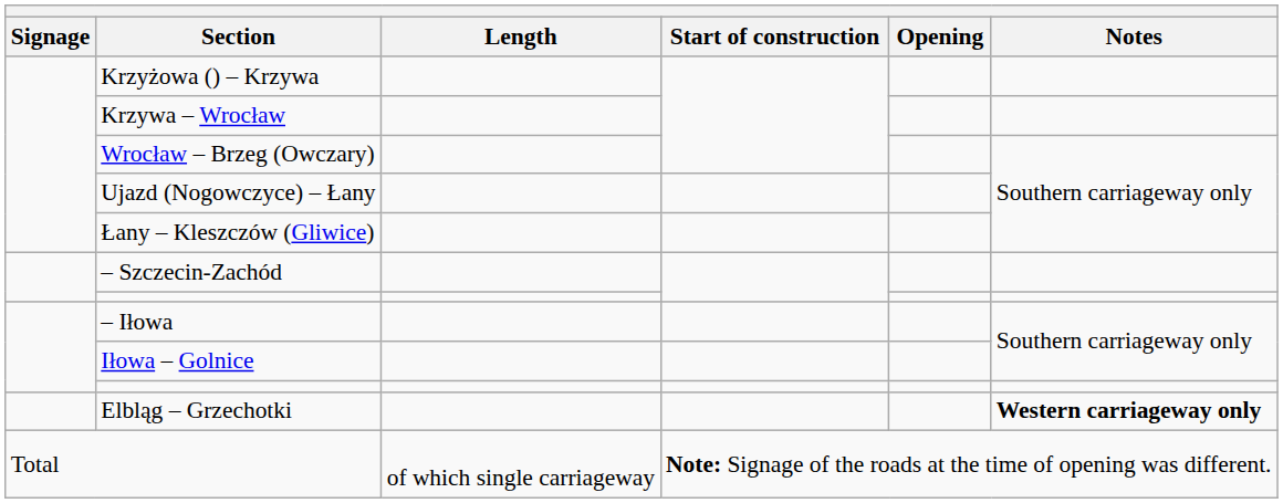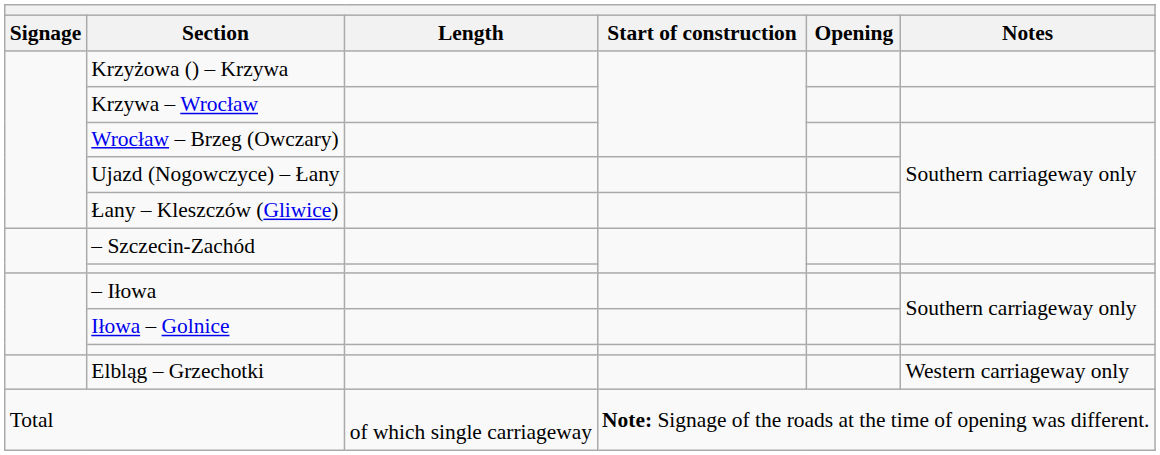 <table class="wikitable mw-collapsible mw-collapsed" style="font-size: 90%;">
 <tr>
 <th colspan="6" style="font-size: 110%"></th>
 </tr>
 <tr>
 <th>Signage</th>
 <th>Section</th>
 <th>Length</th>
 <th>Start of construction</th>
 <th>Opening</th>
 <th>Notes</th>
 </tr>
 <tr>
 <td rowspan="5"></td>
 <td>Krzyżowa () – Krzywa</td>
 <td></td>
 <td rowspan="3"></td>
 <td></td>
 <td></td>
 </tr>
 <tr>
 <td>Krzywa – <a href='#'>Wrocław</a></td>
 <td></td>
 <td></td>
 <td></td>
 </tr>
 <tr>
 <td><a href='#'>Wrocław</a> – Brzeg (Owczary)</td>
 <td></td>
 <td></td>
 <td rowspan="3">Southern carriageway only</td>
 </tr>
 <tr>
 <td>Ujazd (Nogowczyce) – Łany</td>
 <td></td>
 <td></td>
 <td></td>
 </tr>
 <tr>
 <td>Łany – Kleszczów (<a href='#'>Gliwice</a>)</td>
 <td></td>
 <td></td>
 <td></td>
 </tr>
 <tr>
 <td rowspan="2"></td>
 <td> – Szczecin-Zachód</td>
 <td></td>
 <td rowspan="2"></td>
 <td></td>
 <td></td>
 </tr>
 <tr>
 <td></td>
 <td></td>
 <td></td>
 <td></td>
 </tr>
 <tr>
 <td rowspan="3"></td>
 <td> – Iłowa</td>
 <td></td>
 <td></td>
 <td></td>
 <td rowspan="2">Southern carriageway only</td>
 </tr>
 <tr>
 <td><a href='#'>Iłowa</a> – <a href='#'>Golnice</a></td>
 <td></td>
 <td></td>
 <td></td>
 </tr>
 <tr>
 <td></td>
 <td></td>
 <td></td>
 <td></td>
 <td></td>
 </tr>
 <tr>
 <td></td>
 <td>Elbląg – Grzechotki</td>
 <td></td>
 <td></td>
 <td></td>
-<td><strong>Western carriageway only</strong></td>
+<td>Western carriageway only</td>
 </tr>
 <tr>
 <td colspan=2>Total</td>
 <td><strong></strong><br>of which  single carriageway</td>
 <td colspan="3"><strong>Note:</strong> Signage of the roads at the time of opening was different.</td>
 </tr>
 </table>
